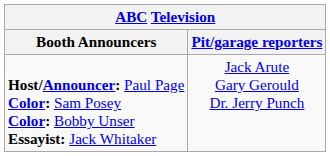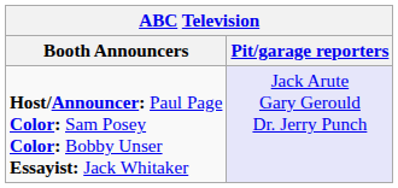 <table class="wikitable" style="font-size: 95%;">
 <tr>
 <th colspan=2><a href='#'>ABC</a> <a href='#'>Television</a></th>
 </tr>
 <tr>
 <th>Booth Announcers</th>
 <th><a href='#'>Pit/garage reporters</a></th>
 </tr>
 <tr>
 <td valign="top"><br><strong>Host/<a href='#'>Announcer</a>:</strong> <a href='#'>Paul Page</a><br> <strong><a href='#'>Color</a>:</strong> <a href='#'>Sam Posey</a><br> <strong><a href='#'>Color</a>:</strong> <a href='#'>Bobby Unser</a><br> <strong>Essayist:</strong> <a href='#'>Jack Whitaker</a><br></td>
-<td align="center" valign="top"><a href='#'>Jack Arute</a><br><a href='#'>Gary Gerould</a><br><a href='#'>Dr. Jerry Punch</a></td>
+<td align="center" valign="top" style="background: lavender;"><a href='#'>Jack Arute</a><br><a href='#'>Gary Gerould</a><br><a href='#'>Dr. Jerry Punch</a></td>
 </tr>
 </table>
